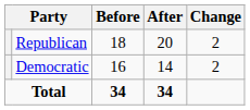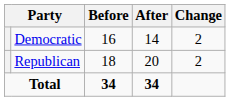 <table class="wikitable" style="text-align:center;">
 <tr>
 <th colspan="2">Party</th>
 <th>Before</th>
 <th>After</th>
 <th>Change</th>
 </tr>
 <tr>
 <th style="background-color:"></th>
-<td style="text-align:left;"><a href='#'>Republican</a></td>
-<td>18</td>
-<td>20</td>
+<td style="text-align:left;"><a href='#'>Democratic</a></td>
+<td>16</td>
+<td>14</td>
 <td> 2</td>
 </tr>
 <tr>
 <th style="background-color:"></th>
-<td style="text-align:left;"><a href='#'>Democratic</a></td>
-<td>16</td>
-<td>14</td>
+<td style="text-align:left;"><a href='#'>Republican</a></td>
+<td>18</td>
+<td>20</td>
 <td> 2</td>
 </tr>
 <tr>
 <td colspan="2"><strong>Total</strong></td>
 <td><strong>34</strong></td>
 <td><strong>34</strong></td>
 <td></td>
 </tr>
 </table>
